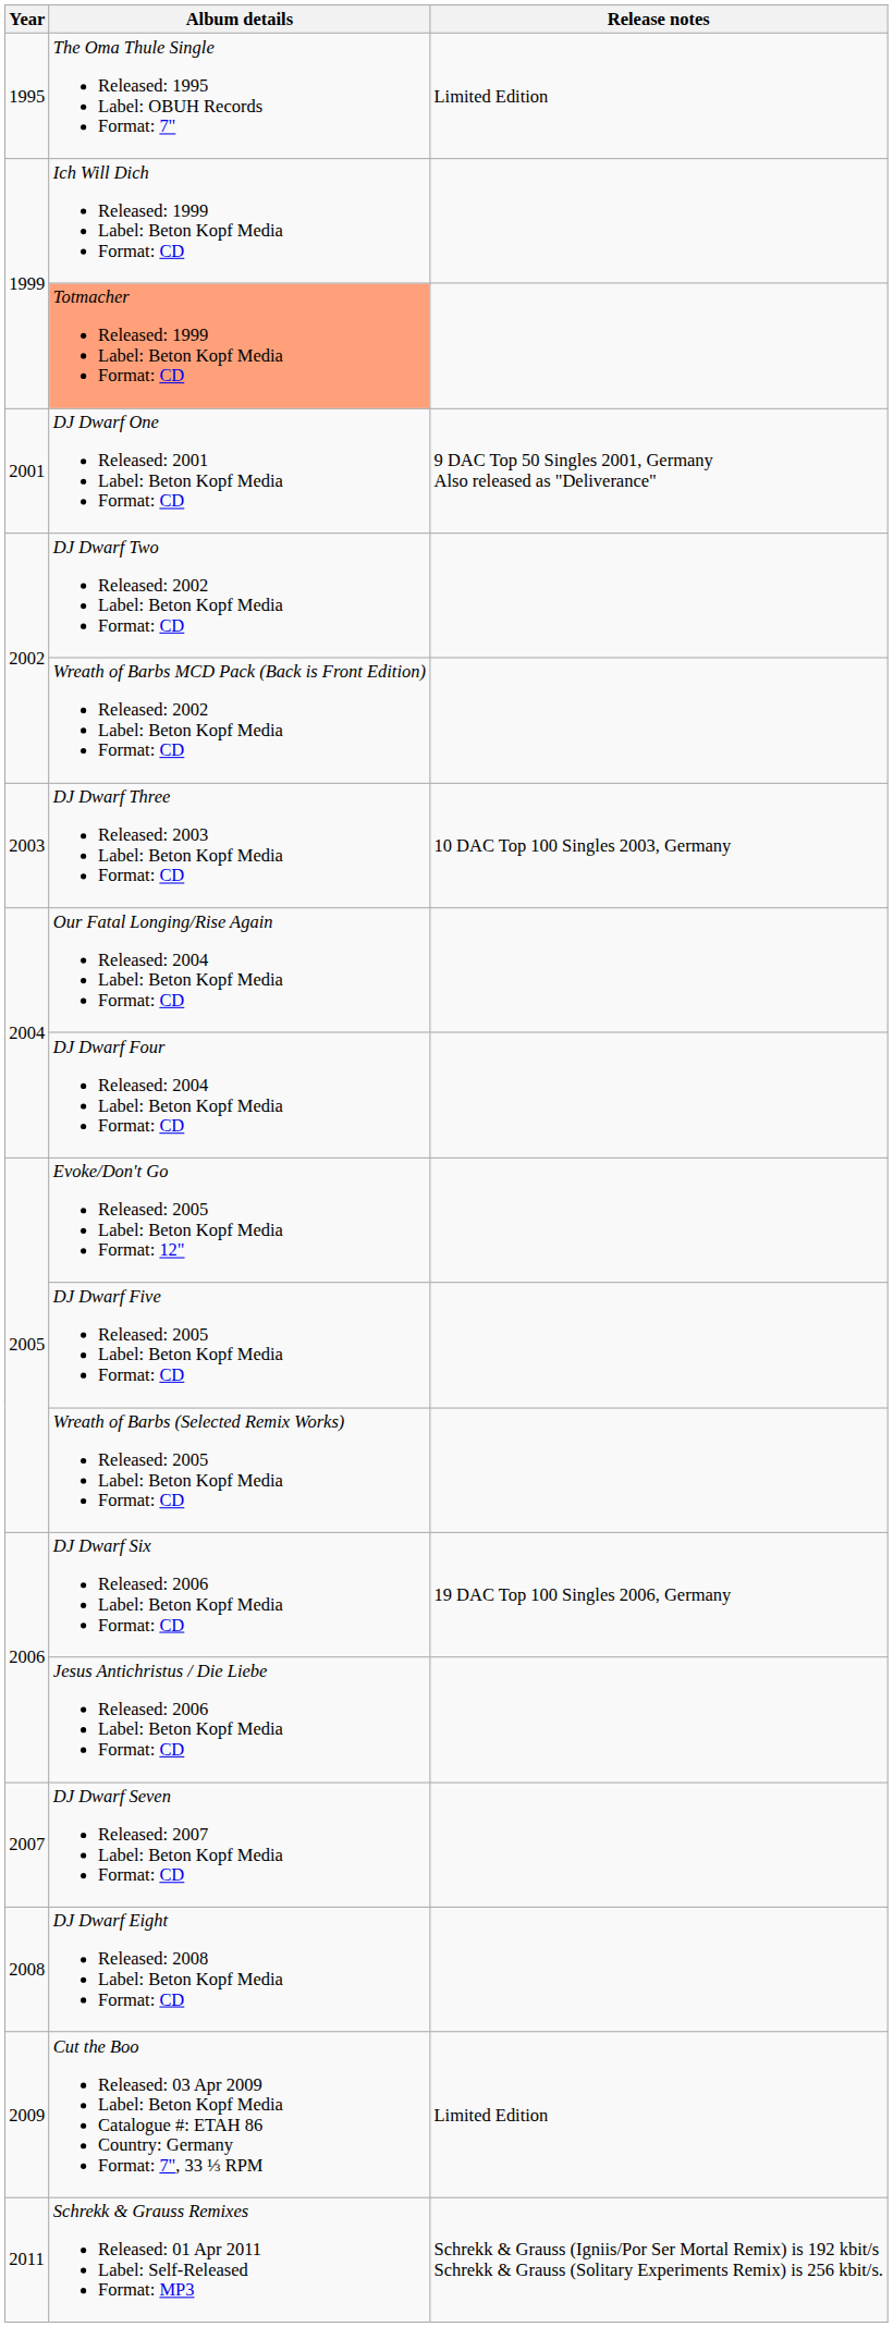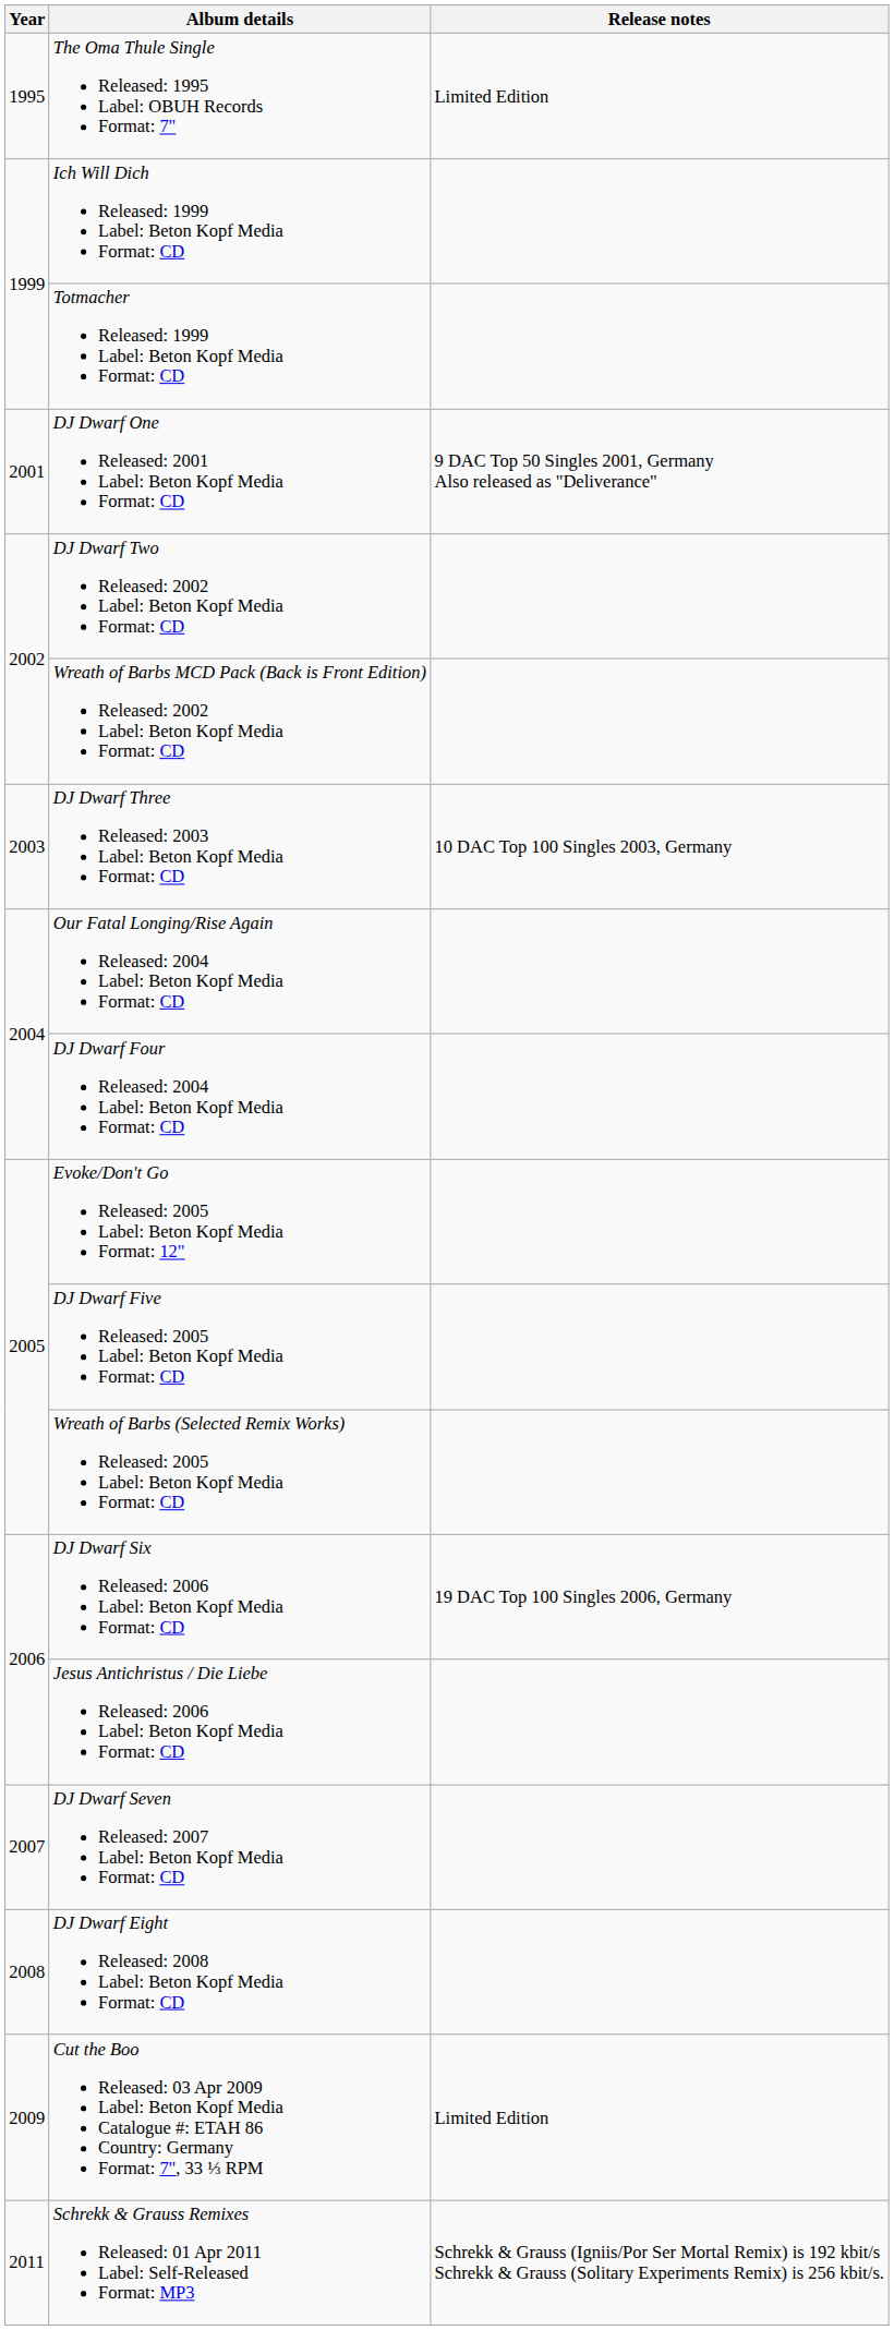 <table class="wikitable">
 <tr>
 <th>Year</th>
 <th>Album details</th>
 <th>Release notes</th>
 </tr>
 <tr>
 <td>1995</td>
 <td align="left"><em>The Oma Thule Single</em><br><ul><li>Released: 1995</li><li>Label: OBUH Records</li><li>Format: <a href='#'>7"</a></li></ul></td>
 <td>Limited Edition</td>
 </tr>
 <tr>
 <td rowspan="2">1999</td>
 <td align="left"><em>Ich Will Dich</em><br><ul><li>Released: 1999</li><li>Label: Beton Kopf Media</li><li>Format: <a href='#'>CD</a></li></ul></td>
 <td></td>
 </tr>
 <tr>
-<td align="left" style="background: lightsalmon;"><em>Totmacher</em><br><ul><li>Released: 1999</li><li>Label: Beton Kopf Media</li><li>Format: <a href='#'>CD</a></li></ul></td>
+<td align="left"><em>Totmacher</em><br><ul><li>Released: 1999</li><li>Label: Beton Kopf Media</li><li>Format: <a href='#'>CD</a></li></ul></td>
 <td></td>
 </tr>
 <tr>
 <td>2001</td>
 <td align="left"><em>DJ Dwarf One</em><br><ul><li>Released: 2001</li><li>Label: Beton Kopf Media</li><li>Format: <a href='#'>CD</a></li></ul></td>
 <td>9 DAC Top 50 Singles 2001, Germany<br>Also released as "Deliverance"</td>
 </tr>
 <tr>
 <td rowspan="2">2002</td>
 <td align="left"><em>DJ Dwarf Two</em><br><ul><li>Released: 2002</li><li>Label: Beton Kopf Media</li><li>Format: <a href='#'>CD</a></li></ul></td>
 <td></td>
 </tr>
 <tr>
 <td align="left"><em>Wreath of Barbs MCD Pack (Back is Front Edition)</em><br><ul><li>Released: 2002</li><li>Label: Beton Kopf Media</li><li>Format: <a href='#'>CD</a></li></ul></td>
 <td></td>
 </tr>
 <tr>
 <td>2003</td>
 <td align="left"><em>DJ Dwarf Three</em><br><ul><li>Released: 2003</li><li>Label: Beton Kopf Media</li><li>Format: <a href='#'>CD</a></li></ul></td>
 <td>10 DAC Top 100 Singles 2003, Germany</td>
 </tr>
 <tr>
 <td rowspan="2">2004</td>
 <td align="left"><em>Our Fatal Longing/Rise Again</em><br><ul><li>Released: 2004</li><li>Label: Beton Kopf Media</li><li>Format: <a href='#'>CD</a></li></ul></td>
 <td></td>
 </tr>
 <tr>
 <td align="left"><em>DJ Dwarf Four</em><br><ul><li>Released: 2004</li><li>Label: Beton Kopf Media</li><li>Format: <a href='#'>CD</a></li></ul></td>
 <td></td>
 </tr>
 <tr>
 <td rowspan="3">2005</td>
 <td align="left"><em>Evoke/Don't Go</em><br><ul><li>Released: 2005</li><li>Label: Beton Kopf Media</li><li>Format: <a href='#'>12"</a></li></ul></td>
 <td></td>
 </tr>
 <tr>
 <td align="left"><em>DJ Dwarf Five</em><br><ul><li>Released: 2005</li><li>Label: Beton Kopf Media</li><li>Format: <a href='#'>CD</a></li></ul></td>
 <td></td>
 </tr>
 <tr>
 <td align="left"><em>Wreath of Barbs (Selected Remix Works)</em><br><ul><li>Released: 2005</li><li>Label: Beton Kopf Media</li><li>Format: <a href='#'>CD</a></li></ul></td>
 <td></td>
 </tr>
 <tr>
 <td rowspan="2">2006</td>
 <td align="left"><em>DJ Dwarf Six</em><br><ul><li>Released: 2006</li><li>Label: Beton Kopf Media</li><li>Format: <a href='#'>CD</a></li></ul></td>
 <td>19 DAC Top 100 Singles 2006, Germany</td>
 </tr>
 <tr>
 <td align="left"><em>Jesus Antichristus / Die Liebe</em><br><ul><li>Released: 2006</li><li>Label: Beton Kopf Media</li><li>Format: <a href='#'>CD</a></li></ul></td>
 <td></td>
 </tr>
 <tr>
 <td>2007</td>
 <td align="left"><em>DJ Dwarf Seven</em><br><ul><li>Released: 2007</li><li>Label: Beton Kopf Media</li><li>Format: <a href='#'>CD</a></li></ul></td>
 <td></td>
 </tr>
 <tr>
 <td>2008</td>
 <td align="left"><em>DJ Dwarf Eight</em><br><ul><li>Released: 2008</li><li>Label: Beton Kopf Media</li><li>Format: <a href='#'>CD</a></li></ul></td>
 <td></td>
 </tr>
 <tr>
 <td>2009</td>
 <td align="left"><em>Cut the Boo</em><br><ul><li>Released: 03 Apr 2009</li><li>Label: Beton Kopf Media</li><li>Catalogue #: ETAH 86</li><li>Country: Germany</li><li>Format: <a href='#'>7"</a>, 33 ⅓ RPM</li></ul></td>
 <td>Limited Edition</td>
 </tr>
 <tr>
 <td>2011</td>
 <td align="left"><em>Schrekk & Grauss Remixes</em><br><ul><li>Released: 01 Apr 2011</li><li>Label: Self-Released</li><li>Format: <a href='#'>MP3</a></li></ul></td>
 <td>Schrekk & Grauss (Igniis/Por Ser Mortal Remix) is 192 kbit/s<br>Schrekk & Grauss (Solitary Experiments Remix) is 256 kbit/s.</td>
 </tr>
 </table>
